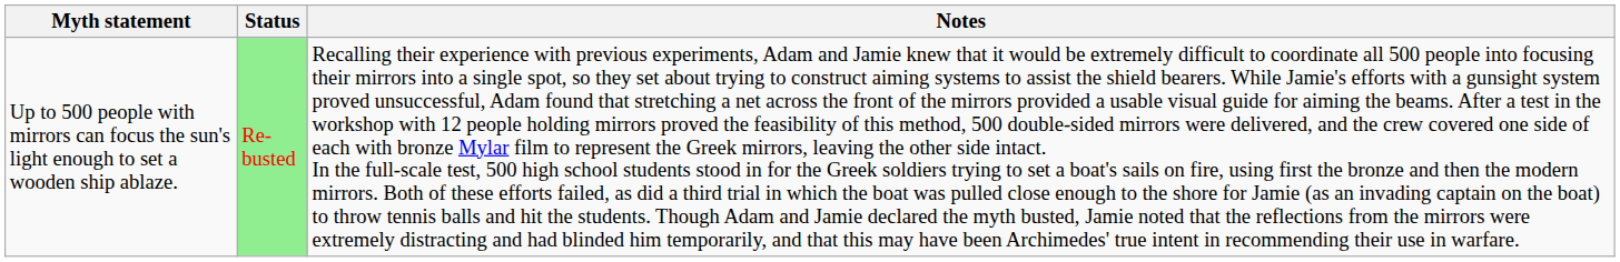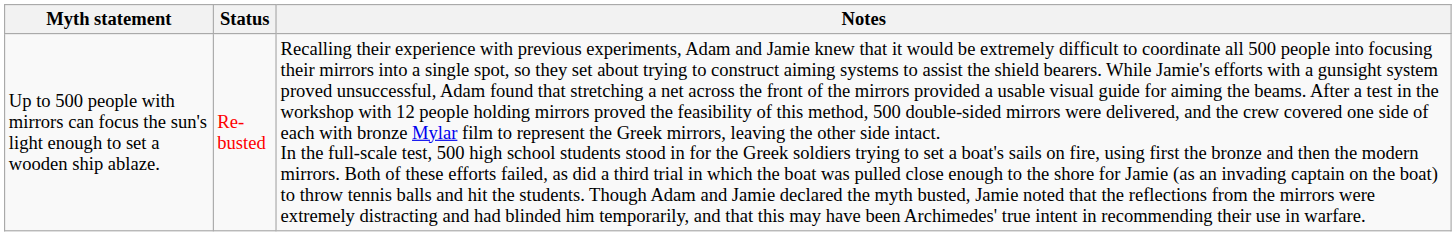 <table class="wikitable plainrowheaders">
 <tr>
 <th>Myth statement</th>
 <th>Status</th>
 <th>Notes</th>
 </tr>
 <tr>
 <td>Up to 500 people with mirrors can focus the sun's light enough to set a wooden ship ablaze.</td>
-<td style="background: lightgreen; color:red">Re-busted</td>
+<td style="color:red">Re-busted</td>
 <td>Recalling their experience with previous experiments, Adam and Jamie knew that it would be extremely difficult to coordinate all 500 people into focusing their mirrors into a single spot, so they set about trying to construct aiming systems to assist the shield bearers. While Jamie's efforts with a gunsight system proved unsuccessful, Adam found that stretching a net across the front of the mirrors provided a usable visual guide for aiming the beams. After a test in the workshop with 12 people holding mirrors proved the feasibility of this method, 500 double-sided mirrors were delivered, and the crew covered one side of each with bronze <a href='#'>Mylar</a> film to represent the Greek mirrors, leaving the other side intact.<br>In the full-scale test, 500 high school students stood in for the Greek soldiers trying to set a boat's sails on fire, using first the bronze and then the modern mirrors. Both of these efforts failed, as did a third trial in which the boat was pulled close enough to the shore for Jamie (as an invading captain on the boat) to throw tennis balls and hit the students. Though Adam and Jamie declared the myth busted, Jamie noted that the reflections from the mirrors were extremely distracting and had blinded him temporarily, and that this may have been Archimedes' true intent in recommending their use in warfare.</td>
 </tr>
 </table>
